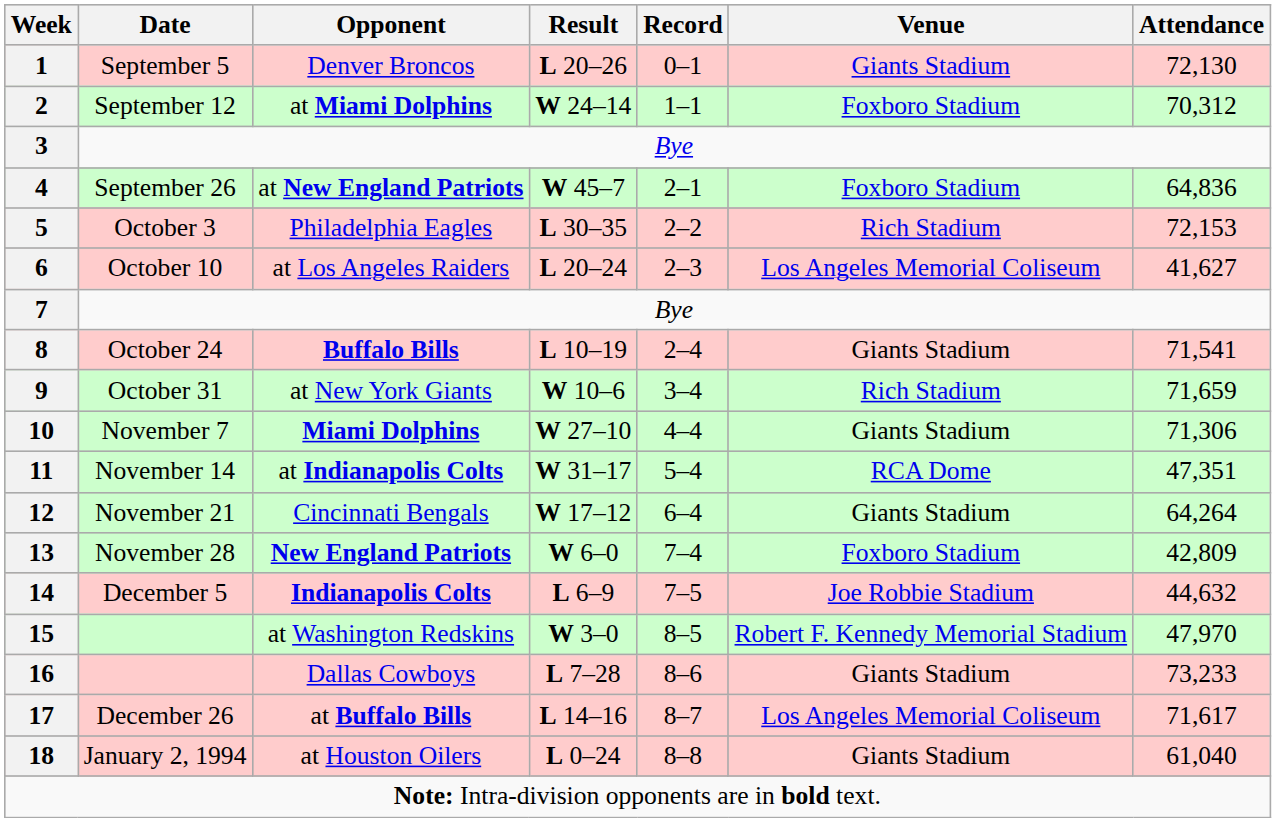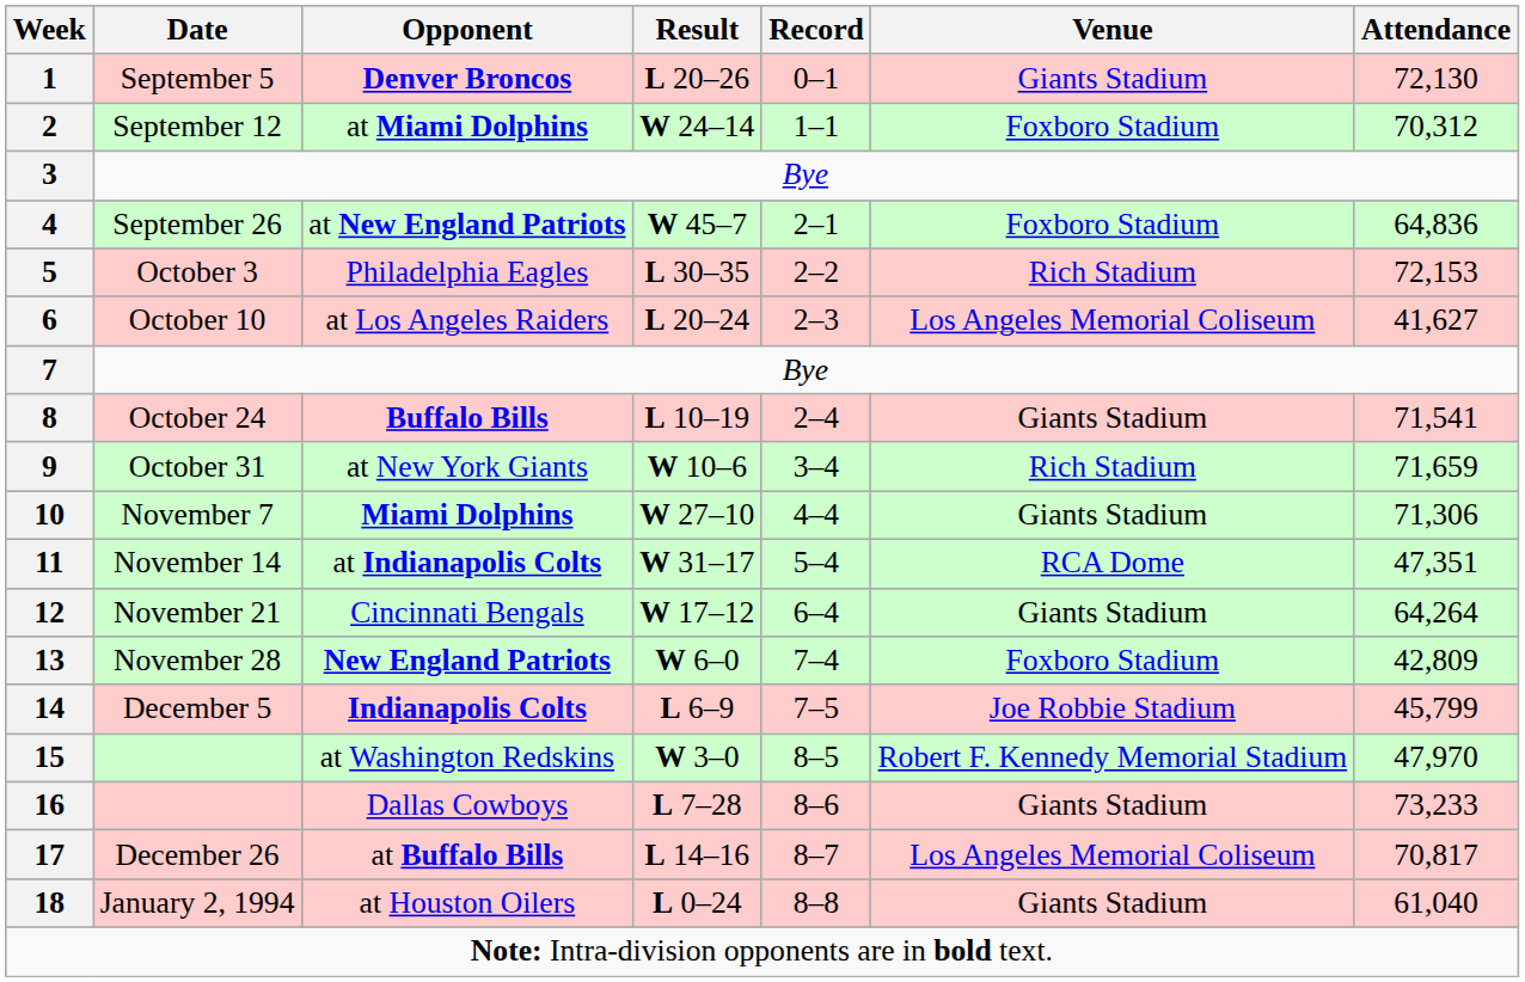 <table class="wikitable" style="text-align:center">
 <tr>
 <th>Week</th>
 <th>Date</th>
 <th>Opponent</th>
 <th>Result</th>
 <th>Record</th>
 <th>Venue</th>
 <th>Attendance</th>
 </tr>
 <tr style="background:#fcc">
 <th>1</th>
 <td>September 5</td>
-<td><a href='#'>Denver Broncos</a></td>
+<td><strong><a href='#'>Denver Broncos</a></strong></td>
 <td><strong>L</strong> 20–26</td>
 <td>0–1</td>
 <td><a href='#'>Giants Stadium</a></td>
 <td>72,130</td>
 </tr>
 <tr style="background:#cfc">
 <th>2</th>
 <td>September 12</td>
 <td>at <strong><a href='#'>Miami Dolphins</a></strong></td>
 <td><strong>W</strong> 24–14</td>
 <td>1–1</td>
 <td><a href='#'>Foxboro Stadium</a></td>
 <td>70,312</td>
 </tr>
 <tr>
 <th>3</th>
 <td colspan="7"><em><a href='#'>Bye</a></em></td>
 </tr>
 <tr style="background:#cfc">
 <th>4</th>
 <td>September 26</td>
 <td>at <strong><a href='#'>New England Patriots</a></strong></td>
 <td><strong>W</strong> 45–7</td>
 <td>2–1</td>
 <td><a href='#'>Foxboro Stadium</a></td>
 <td>64,836</td>
 </tr>
 <tr style="background:#fcc">
 <th>5</th>
 <td>October 3</td>
 <td><a href='#'>Philadelphia Eagles</a></td>
 <td><strong>L</strong> 30–35</td>
 <td>2–2</td>
 <td><a href='#'>Rich Stadium</a></td>
 <td>72,153</td>
 </tr>
 <tr style="background:#fcc">
 <th>6</th>
 <td>October 10</td>
 <td>at <a href='#'>Los Angeles Raiders</a></td>
 <td><strong>L</strong> 20–24</td>
 <td>2–3</td>
 <td><a href='#'>Los Angeles Memorial Coliseum</a></td>
 <td>41,627</td>
 </tr>
 <tr>
 <th>7</th>
 <td colspan="6"><em>Bye</em></td>
 </tr>
 <tr style="background:#fcc">
 <th>8</th>
 <td>October 24</td>
 <td><strong><a href='#'>Buffalo Bills</a></strong></td>
 <td><strong>L</strong> 10–19</td>
 <td>2–4</td>
 <td>Giants Stadium</td>
 <td>71,541</td>
 </tr>
 <tr style="background:#cfc">
 <th>9</th>
 <td>October 31</td>
 <td>at <a href='#'>New York Giants</a></td>
 <td><strong>W</strong> 10–6</td>
 <td>3–4</td>
 <td><a href='#'>Rich Stadium</a></td>
 <td>71,659</td>
 </tr>
 <tr style="background:#cfc">
 <th>10</th>
 <td>November 7</td>
 <td><strong><a href='#'>Miami Dolphins</a></strong></td>
 <td><strong>W</strong> 27–10</td>
 <td>4–4</td>
 <td>Giants Stadium</td>
 <td>71,306</td>
 </tr>
 <tr style="background:#cfc">
 <th>11</th>
 <td>November 14</td>
 <td>at <strong><a href='#'>Indianapolis Colts</a></strong></td>
 <td><strong>W</strong> 31–17</td>
 <td>5–4</td>
 <td><a href='#'>RCA Dome</a></td>
 <td>47,351</td>
 </tr>
 <tr style="background:#cfc">
 <th>12</th>
 <td>November 21</td>
 <td><a href='#'>Cincinnati Bengals</a></td>
 <td><strong>W</strong> 17–12</td>
 <td>6–4</td>
 <td>Giants Stadium</td>
 <td>64,264</td>
 </tr>
 <tr style="background:#cfc">
 <th>13</th>
 <td>November 28</td>
 <td><strong><a href='#'>New England Patriots</a></strong></td>
 <td><strong>W</strong> 6–0</td>
 <td>7–4</td>
 <td><a href='#'>Foxboro Stadium</a></td>
 <td>42,809</td>
 </tr>
 <tr style="background:#fcc">
 <th>14</th>
 <td>December 5</td>
 <td><strong><a href='#'>Indianapolis Colts</a></strong></td>
 <td><strong>L</strong> 6–9</td>
 <td>7–5</td>
 <td><a href='#'>Joe Robbie Stadium</a></td>
-<td>44,632</td>
+<td>45,799</td>
 </tr>
 <tr style="background:#cfc">
 <th>15</th>
 <td></td>
 <td>at <a href='#'>Washington Redskins</a></td>
 <td><strong>W</strong> 3–0</td>
 <td>8–5</td>
 <td><a href='#'>Robert F. Kennedy Memorial Stadium</a></td>
 <td>47,970</td>
 </tr>
 <tr style="background:#fcc">
 <th>16</th>
 <td></td>
 <td><a href='#'>Dallas Cowboys</a></td>
 <td><strong>L</strong> 7–28</td>
 <td>8–6</td>
 <td>Giants Stadium</td>
 <td>73,233</td>
 </tr>
 <tr style="background:#fcc">
 <th>17</th>
 <td>December 26</td>
 <td>at <strong><a href='#'>Buffalo Bills</a></strong></td>
 <td><strong>L</strong> 14–16</td>
 <td>8–7</td>
 <td><a href='#'>Los Angeles Memorial Coliseum</a></td>
-<td>71,617</td>
+<td>70,817</td>
 </tr>
 <tr style="background:#fcc">
 <th>18</th>
 <td>January 2, 1994</td>
 <td>at <a href='#'>Houston Oilers</a></td>
 <td><strong>L</strong> 0–24</td>
 <td>8–8</td>
 <td>Giants Stadium</td>
 <td>61,040</td>
 </tr>
 <tr>
 <td colspan="8"><strong>Note:</strong> Intra-division opponents are in <strong>bold</strong> text.</td>
 </tr>
 </table>
